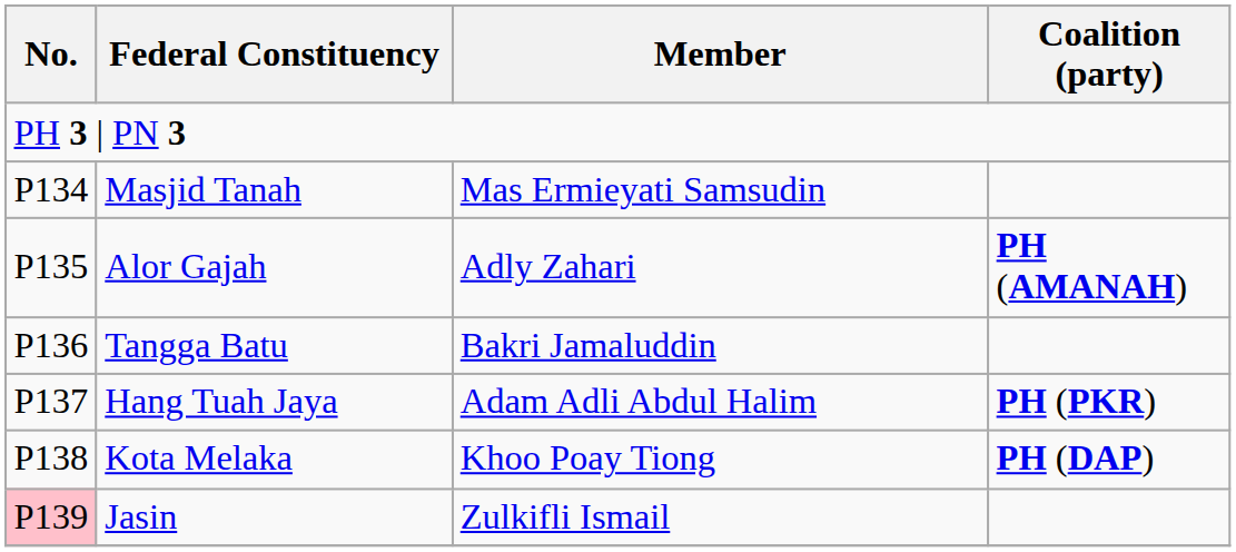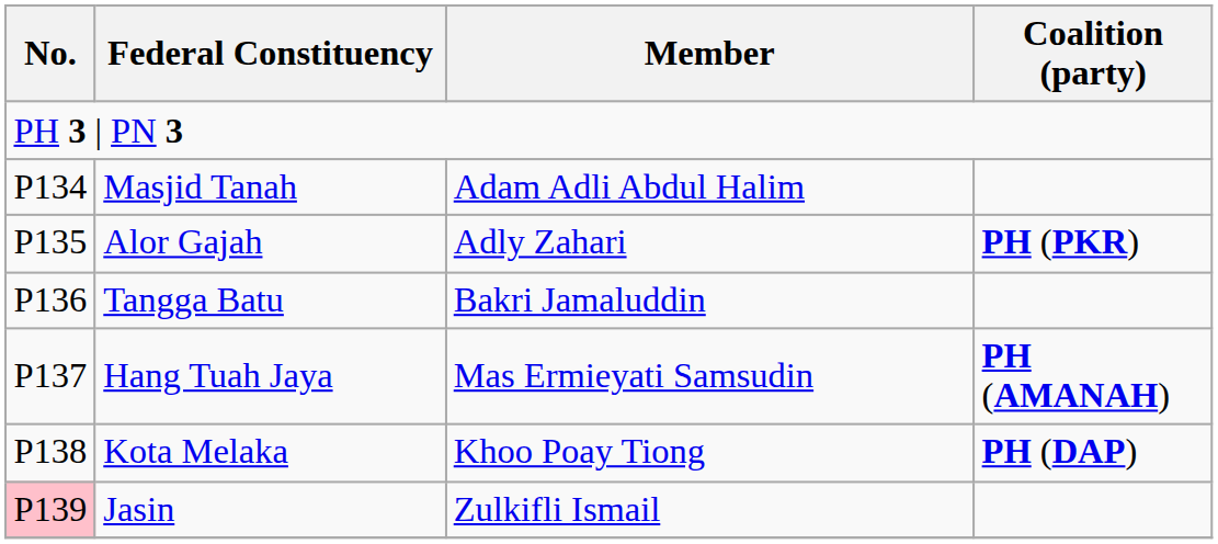 <table class="wikitable sortable">
 <tr>
 <th style="width:30px;">No.</th>
 <th style="width:150px;">Federal Constituency</th>
 <th style="width:230px;">Member</th>
 <th style="width:100px;">Coalition (party)</th>
 </tr>
 <tr>
 <td colspan="4"><a href='#'>PH</a> <strong>3</strong> | <a href='#'>PN</a> <strong>3</strong></td>
 </tr>
 <tr>
 <td>P134</td>
 <td><a href='#'>Masjid Tanah</a></td>
-<td><a href='#'>Mas Ermieyati Samsudin</a></td>
+<td><a href='#'>Adam Adli Abdul Halim</a></td>
 <td></td>
 </tr>
 <tr>
 <td>P135</td>
 <td><a href='#'>Alor Gajah</a></td>
 <td><a href='#'>Adly Zahari</a></td>
-<td><strong><a href='#'>PH</a></strong> (<strong><a href='#'>AMANAH</a></strong>)</td>
+<td><strong><a href='#'>PH</a></strong> (<strong><a href='#'>PKR</a></strong>)</td>
 </tr>
 <tr>
 <td>P136</td>
 <td><a href='#'>Tangga Batu</a></td>
 <td><a href='#'>Bakri Jamaluddin</a></td>
 <td></td>
 </tr>
 <tr>
 <td>P137</td>
 <td><a href='#'>Hang Tuah Jaya</a></td>
-<td><a href='#'>Adam Adli Abdul Halim</a></td>
-<td><strong><a href='#'>PH</a></strong> (<strong><a href='#'>PKR</a></strong>)</td>
+<td><a href='#'>Mas Ermieyati Samsudin</a></td>
+<td><strong><a href='#'>PH</a></strong> (<strong><a href='#'>AMANAH</a></strong>)</td>
 </tr>
 <tr>
 <td>P138</td>
 <td><a href='#'>Kota Melaka</a></td>
 <td><a href='#'>Khoo Poay Tiong</a></td>
 <td><strong><a href='#'>PH</a></strong> (<strong><a href='#'>DAP</a></strong>)</td>
 </tr>
 <tr>
 <td style="background: pink;">P139</td>
 <td><a href='#'>Jasin</a></td>
 <td><a href='#'>Zulkifli Ismail</a></td>
 <td></td>
 </tr>
 <tr>
 </tr>
 </table>
